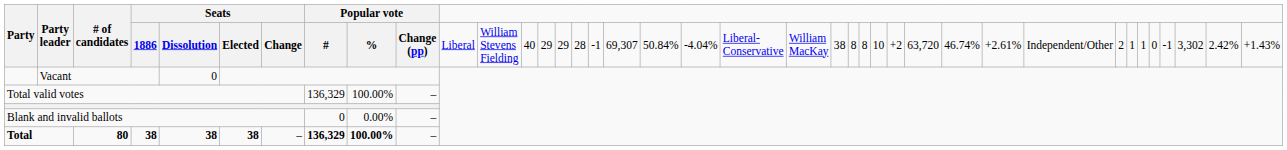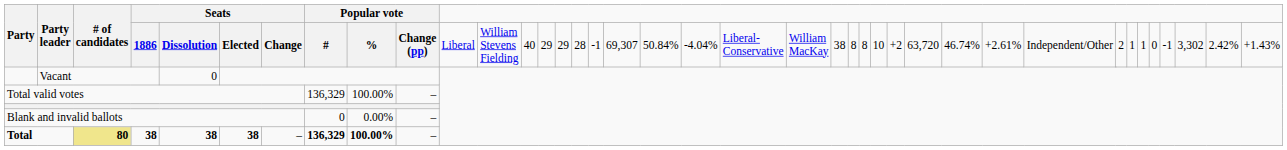 <table class="wikitable">
 <tr>
 <th rowspan="2" colspan="2">Party</th>
 <th rowspan="2">Party leader</th>
 <th rowspan="2"># of<br>candidates</th>
 <th colspan="4">Seats</th>
 <th colspan="3">Popular vote</th>
 </tr>
 <tr>
 <th><a href='#'>1886</a></th>
 <th><span><a href='#'>Dissolution</a></span></th>
 <th>Elected</th>
 <th>Change</th>
 <th>#</th>
 <th>%</th>
 <th>Change (<a href='#'>pp</a>)<br></th>
 <td><a href='#'>Liberal</a></td>
 <td><a href='#'>William Stevens Fielding</a></td>
 <td align="right">40</td>
 <td align="right">29</td>
 <td align="right">29</td>
 <td align="right">28</td>
 <td align="right">-1</td>
 <td align="right">69,307</td>
 <td align="right">50.84%</td>
 <td align="right">-4.04%<br></td>
 <td><a href='#'>Liberal-Conservative</a></td>
 <td><a href='#'>William MacKay</a></td>
 <td align="right">38</td>
 <td align="right">8</td>
 <td align="right">8</td>
 <td align="right">10</td>
 <td align="right">+2</td>
 <td align="right">63,720</td>
 <td align="right">46.74%</td>
 <td align="right">+2.61%<br></td>
 <td colspan=2>Independent/Other</td>
 <td align="right">2</td>
 <td align="right">1</td>
 <td align="right">1</td>
 <td align="right">0</td>
 <td align="right">-1</td>
 <td align="right">3,302</td>
 <td align="right">2.42%</td>
 <td align="right">+1.43%</td>
 </tr>
 <tr>
 <td> </td>
 <td colspan=4>Vacant</td>
 <td align="right">0</td>
 <td colspan=5> </td>
 </tr>
 <tr>
 <td colspan="8">Total valid votes</td>
 <td align="right">136,329</td>
 <td align="right">100.00%</td>
 <td align="right">–</td>
 </tr>
 <tr>
 <th colspan="11"></th>
 </tr>
 <tr>
 <td colspan="8">Blank and invalid ballots</td>
 <td align="right">0</td>
 <td align="right">0.00%</td>
 <td align="right">–</td>
 </tr>
 <tr>
 <td colspan=3><strong>Total</strong></td>
-<td align="right"><strong>80</strong></td>
+<td align="right" style="background: khaki;"><strong>80</strong></td>
 <td align="right"><strong>38</strong></td>
 <td align="right"><strong>38</strong></td>
 <td align="right"><strong>38</strong></td>
 <td align="right">–</td>
 <td align="right"><strong>136,329</strong></td>
 <td align="right"><strong>100.00%</strong></td>
 <td align="right">–</td>
 </tr>
 </table>
